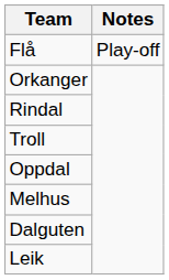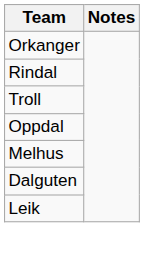 <table class="wikitable">
 <tr>
 <th>Team</th>
 <th>Notes</th>
-</tr>
-<tr>
-<td>Flå</td>
-<td>Play-off</td>
 </tr>
 <tr>
 <td>Orkanger</td>
 </tr>
 <tr>
 <td>Rindal</td>
 </tr>
 <tr>
 <td>Troll</td>
 </tr>
 <tr>
 <td>Oppdal</td>
 </tr>
 <tr>
 <td>Melhus</td>
 </tr>
 <tr>
 <td>Dalguten</td>
 </tr>
 <tr>
 <td>Leik</td>
 </tr>
 </table>
